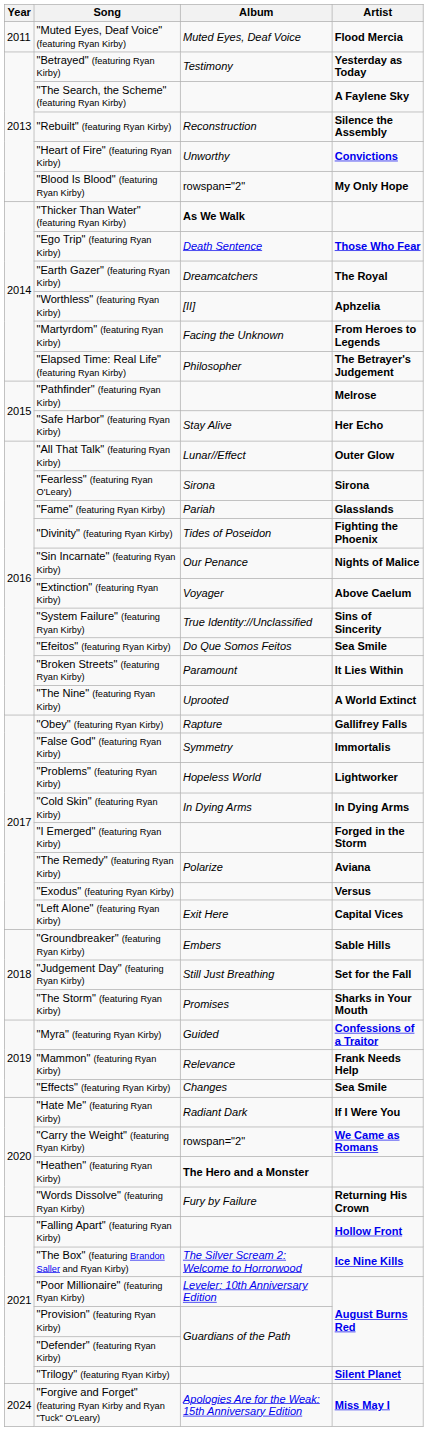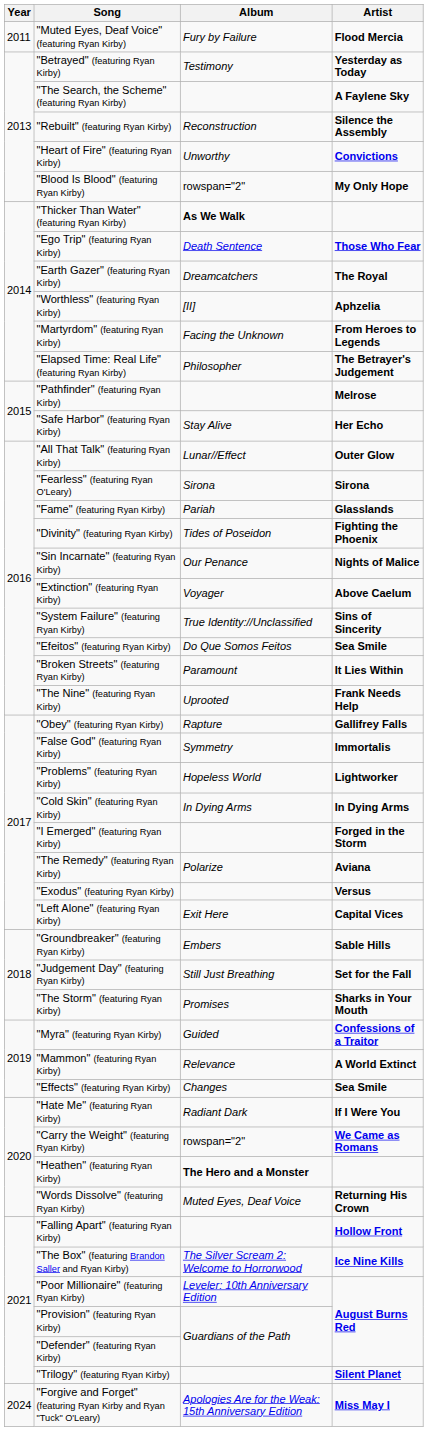 <table class="wikitable">
 <tr>
 <th>Year</th>
 <th>Song</th>
 <th>Album</th>
 <th>Artist</th>
 </tr>
 <tr>
 <td>2011</td>
 <td>"Muted Eyes, Deaf Voice" <small>(featuring Ryan Kirby)</small></td>
-<td><em>Muted Eyes, Deaf Voice</em></td>
+<td><em>Fury by Failure</em></td>
 <td><strong>Flood Mercia</strong></td>
 </tr>
 <tr>
 <td rowspan="5">2013</td>
 <td>"Betrayed" <small>(featuring Ryan Kirby)</small></td>
 <td><em>Testimony</em></td>
 <td><strong>Yesterday as Today</strong></td>
 </tr>
 <tr>
 <td>"The Search, the Scheme" <small>(featuring Ryan Kirby)</small></td>
 <td></td>
 <td><strong>A Faylene Sky</strong></td>
 </tr>
 <tr>
 <td>"Rebuilt" <small>(featuring Ryan Kirby)</small></td>
 <td><em>Reconstruction</em></td>
 <td><strong>Silence the Assembly</strong></td>
 </tr>
 <tr>
 <td>"Heart of Fire" <small>(featuring Ryan Kirby)</small></td>
 <td><em>Unworthy</em></td>
 <td><strong><a href='#'>Convictions</a></strong></td>
 </tr>
 <tr>
 <td>"Blood Is Blood" <small>(featuring Ryan Kirby)</small></td>
 <td>rowspan="2" </td>
 <td><strong>My Only Hope</strong></td>
 </tr>
 <tr>
 <td rowspan="6">2014</td>
 <td>"Thicker Than Water" <small>(featuring Ryan Kirby)</small></td>
 <td><strong>As We Walk</strong></td>
 </tr>
 <tr>
 <td>"Ego Trip" <small>(featuring Ryan Kirby)</small></td>
 <td><em><a href='#'>Death Sentence</a></em></td>
 <td><strong><a href='#'>Those Who Fear</a></strong></td>
 </tr>
 <tr>
 <td>"Earth Gazer" <small>(featuring Ryan Kirby)</small></td>
 <td><em>Dreamcatchers</em></td>
 <td><strong>The Royal</strong></td>
 </tr>
 <tr>
 <td>"Worthless" <small>(featuring Ryan Kirby)</small></td>
 <td><em>[II]</em></td>
 <td><strong>Aphzelia</strong></td>
 </tr>
 <tr>
 <td>"Martyrdom" <small>(featuring Ryan Kirby)</small></td>
 <td><em>Facing the Unknown</em></td>
 <td><strong>From Heroes to Legends</strong></td>
 </tr>
 <tr>
 <td>"Elapsed Time: Real Life" <small>(featuring Ryan Kirby)</small></td>
 <td><em>Philosopher</em></td>
 <td><strong>The Betrayer's Judgement</strong></td>
 </tr>
 <tr>
 <td rowspan="2">2015</td>
 <td>"Pathfinder" <small>(featuring Ryan Kirby)</small></td>
 <td></td>
 <td><strong>Melrose</strong></td>
 </tr>
 <tr>
 <td>"Safe Harbor" <small>(featuring Ryan Kirby)</small></td>
 <td><em>Stay Alive</em></td>
 <td><strong>Her Echo</strong></td>
 </tr>
 <tr>
 <td rowspan="10">2016</td>
 <td>"All That Talk" <small>(featuring Ryan Kirby)</small></td>
 <td><em>Lunar//Effect</em></td>
 <td><strong>Outer Glow</strong></td>
 </tr>
 <tr>
 <td>"Fearless" <small>(featuring Ryan O'Leary)</small></td>
 <td><em>Sirona</em></td>
 <td><strong>Sirona</strong></td>
 </tr>
 <tr>
 <td>"Fame" <small>(featuring Ryan Kirby)</small></td>
 <td><em>Pariah</em></td>
 <td><strong>Glasslands</strong></td>
 </tr>
 <tr>
 <td>"Divinity" <small>(featuring Ryan Kirby)</small></td>
 <td><em>Tides of Poseidon</em></td>
 <td><strong>Fighting the Phoenix</strong></td>
 </tr>
 <tr>
 <td>"Sin Incarnate" <small>(featuring Ryan Kirby)</small></td>
 <td><em>Our Penance</em></td>
 <td><strong>Nights of Malice</strong></td>
 </tr>
 <tr>
 <td>"Extinction" <small>(featuring Ryan Kirby)</small></td>
 <td><em>Voyager</em></td>
 <td><strong>Above Caelum</strong></td>
 </tr>
 <tr>
 <td>"System Failure" <small>(featuring Ryan Kirby)</small></td>
 <td><em>True Identity://Unclassified</em></td>
 <td><strong>Sins of Sincerity</strong></td>
 </tr>
 <tr>
 <td>"Efeitos" <small>(featuring Ryan Kirby)</small></td>
 <td><em>Do Que Somos Feitos</em></td>
 <td><strong>Sea Smile</strong></td>
 </tr>
 <tr>
 <td>"Broken Streets" <small>(featuring Ryan Kirby)</small></td>
 <td><em>Paramount</em></td>
 <td><strong>It Lies Within</strong></td>
 </tr>
 <tr>
 <td>"The Nine" <small>(featuring Ryan Kirby)</small></td>
 <td><em>Uprooted</em></td>
-<td><strong>A World Extinct</strong></td>
+<td><strong>Frank Needs Help</strong></td>
 </tr>
 <tr>
 <td rowspan="8">2017</td>
 <td>"Obey" <small>(featuring Ryan Kirby)</small></td>
 <td><em>Rapture</em></td>
 <td><strong>Gallifrey Falls</strong></td>
 </tr>
 <tr>
 <td>"False God" <small>(featuring Ryan Kirby)</small></td>
 <td><em>Symmetry</em></td>
 <td><strong>Immortalis</strong></td>
 </tr>
 <tr>
 <td>"Problems" <small>(featuring Ryan Kirby)</small></td>
 <td><em>Hopeless World</em></td>
 <td><strong>Lightworker</strong></td>
 </tr>
 <tr>
 <td>"Cold Skin" <small>(featuring Ryan Kirby)</small></td>
 <td><em>In Dying Arms</em></td>
 <td><strong>In Dying Arms</strong></td>
 </tr>
 <tr>
 <td>"I Emerged" <small>(featuring Ryan Kirby)</small></td>
 <td></td>
 <td><strong>Forged in the Storm</strong></td>
 </tr>
 <tr>
 <td>"The Remedy" <small>(featuring Ryan Kirby)</small></td>
 <td><em>Polarize</em></td>
 <td><strong>Aviana</strong></td>
 </tr>
 <tr>
 <td>"Exodus" <small>(featuring Ryan Kirby)</small></td>
 <td></td>
 <td><strong>Versus</strong></td>
 </tr>
 <tr>
 <td>"Left Alone" <small>(featuring Ryan Kirby)</small></td>
 <td><em>Exit Here</em></td>
 <td><strong>Capital Vices</strong></td>
 </tr>
 <tr>
 <td rowspan="3">2018</td>
 <td>"Groundbreaker" <small>(featuring Ryan Kirby)</small></td>
 <td><em>Embers</em></td>
 <td><strong>Sable Hills</strong></td>
 </tr>
 <tr>
 <td>"Judgement Day" <small>(featuring Ryan Kirby)</small></td>
 <td><em>Still Just Breathing</em></td>
 <td><strong>Set for the Fall</strong></td>
 </tr>
 <tr>
 <td>"The Storm" <small>(featuring Ryan Kirby)</small></td>
 <td><em>Promises</em></td>
 <td><strong>Sharks in Your Mouth</strong></td>
 </tr>
 <tr>
 <td rowspan="3">2019</td>
 <td>"Myra" <small>(featuring Ryan Kirby)</small></td>
 <td><em>Guided</em></td>
 <td><strong><a href='#'>Confessions of a Traitor</a></strong></td>
 </tr>
 <tr>
 <td>"Mammon" <small>(featuring Ryan Kirby)</small></td>
 <td><em>Relevance</em></td>
-<td><strong>Frank Needs Help</strong></td>
+<td><strong>A World Extinct</strong></td>
 </tr>
 <tr>
 <td>"Effects" <small>(featuring Ryan Kirby)</small></td>
 <td><em>Changes</em></td>
 <td><strong>Sea Smile</strong></td>
 </tr>
 <tr>
 <td rowspan="4">2020</td>
 <td>"Hate Me" <small>(featuring Ryan Kirby)</small></td>
 <td><em>Radiant Dark</em></td>
 <td><strong>If I Were You</strong></td>
 </tr>
 <tr>
 <td>"Carry the Weight" <small>(featuring Ryan Kirby)</small></td>
 <td>rowspan="2" </td>
 <td><strong><a href='#'>We Came as Romans</a></strong></td>
 </tr>
 <tr>
 <td>"Heathen" <small>(featuring Ryan Kirby)</small></td>
 <td><strong>The Hero and a Monster</strong></td>
 </tr>
 <tr>
 <td>"Words Dissolve" <small>(featuring Ryan Kirby)</small></td>
-<td><em>Fury by Failure</em></td>
+<td><em>Muted Eyes, Deaf Voice</em></td>
 <td><strong>Returning His Crown</strong></td>
 </tr>
 <tr>
 <td rowspan="6">2021</td>
 <td>"Falling Apart" <small>(featuring Ryan Kirby)</small></td>
 <td></td>
 <td><strong><a href='#'>Hollow Front</a></strong></td>
 </tr>
 <tr>
 <td>"The Box" <small>(featuring <a href='#'>Brandon Saller</a> and Ryan Kirby)</small></td>
 <td><em><a href='#'>The Silver Scream 2: Welcome to Horrorwood</a></em></td>
 <td><strong><a href='#'>Ice Nine Kills</a></strong></td>
 </tr>
 <tr>
 <td>"Poor Millionaire" <small>(featuring Ryan Kirby)</small></td>
 <td><em><a href='#'>Leveler: 10th Anniversary Edition</a></em></td>
 <td rowspan="3"><strong><a href='#'>August Burns Red</a></strong></td>
 </tr>
 <tr>
 <td>"Provision" <small>(featuring Ryan Kirby)</small></td>
 <td rowspan="2"><em>Guardians of the Path</em></td>
 </tr>
 <tr>
 <td>"Defender" <small>(featuring Ryan Kirby)</small></td>
 </tr>
 <tr>
 <td>"Trilogy" <small>(featuring Ryan Kirby)</small></td>
 <td></td>
 <td><strong><a href='#'>Silent Planet</a></strong></td>
 </tr>
 <tr>
 <td>2024</td>
 <td>"Forgive and Forget" <small>(featuring Ryan Kirby and Ryan "Tuck" O'Leary)</small></td>
 <td><a href='#'><em>Apologies Are for the Weak: 15th Anniversary Edition</em></a></td>
 <td><strong><a href='#'>Miss May I</a></strong></td>
 </tr>
 </table>
